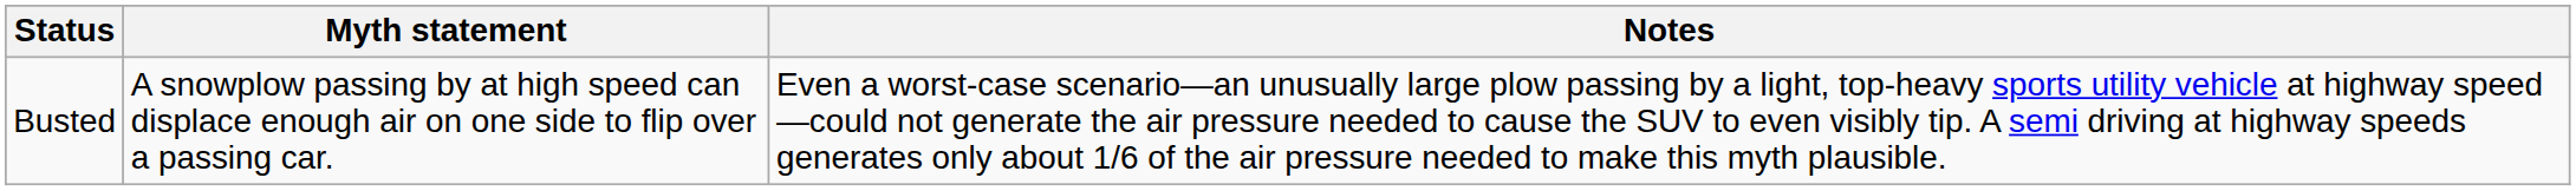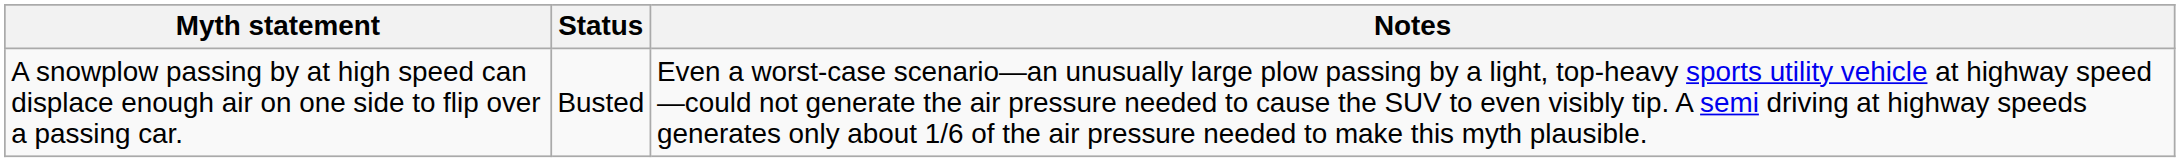 <table class="wikitable plainrowheaders">
 <tr>
+<th>Myth statement</th>
 <th>Status</th>
-<th>Myth statement</th>
 <th>Notes</th>
 </tr>
 <tr>
+<td>A snowplow passing by at high speed can displace enough air on one side to flip over a passing car.</td>
 <td><span>Busted</span></td>
-<td>A snowplow passing by at high speed can displace enough air on one side to flip over a passing car.</td>
 <td>Even a worst-case scenario—an unusually large plow passing by a light, top-heavy <a href='#'>sports utility vehicle</a> at highway speed—could not generate the air pressure needed to cause the SUV to even visibly tip.  A <a href='#'>semi</a> driving at highway speeds generates only about 1/6 of the air pressure needed to make this myth plausible.</td>
 </tr>
 </table>
